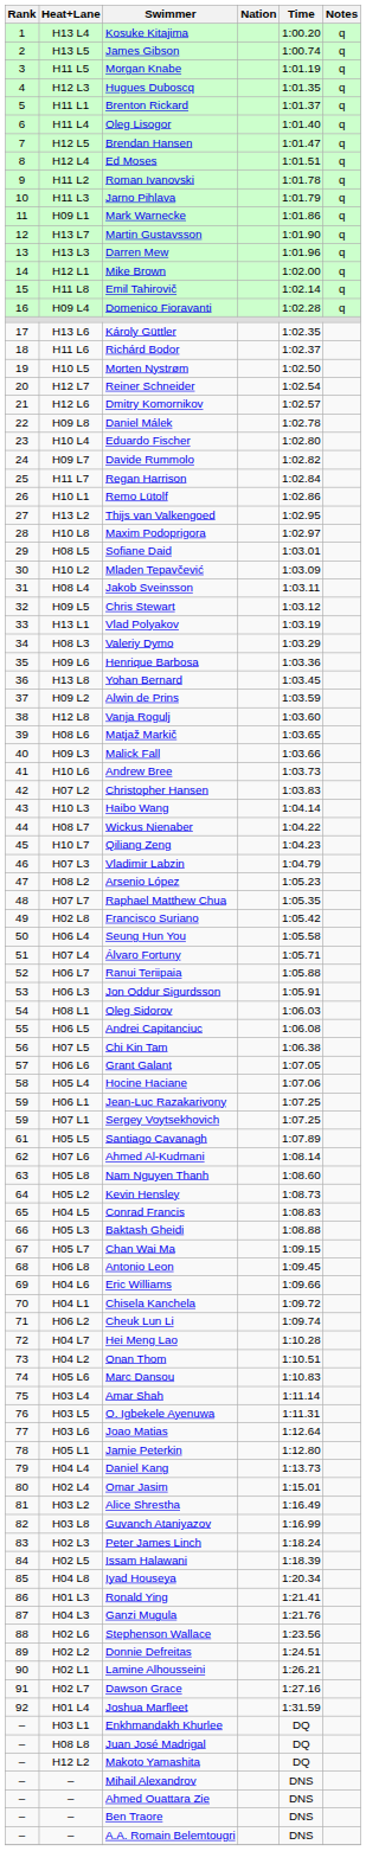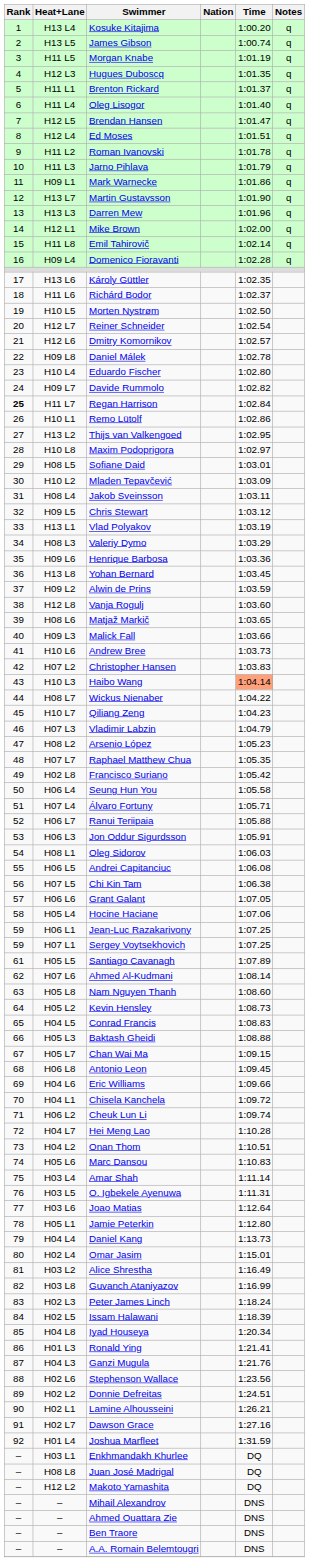 <table class="wikitable sortable" style="text-align:center">
 <tr>
 <th>Rank</th>
 <th>Heat+Lane</th>
 <th>Swimmer</th>
 <th>Nation</th>
 <th>Time</th>
 <th>Notes</th>
 </tr>
 <tr bgcolor=ccffcc>
 <td>1</td>
 <td>H13 L4</td>
 <td align=left><a href='#'>Kosuke Kitajima</a></td>
 <td align=left></td>
 <td>1:00.20</td>
 <td>q</td>
 </tr>
 <tr bgcolor=ccffcc>
 <td>2</td>
 <td>H13 L5</td>
 <td align=left><a href='#'>James Gibson</a></td>
 <td align=left></td>
 <td>1:00.74</td>
 <td>q</td>
 </tr>
 <tr bgcolor=ccffcc>
 <td>3</td>
 <td>H11 L5</td>
 <td align=left><a href='#'>Morgan Knabe</a></td>
 <td align=left></td>
 <td>1:01.19</td>
 <td>q</td>
 </tr>
 <tr bgcolor=ccffcc>
 <td>4</td>
 <td>H12 L3</td>
 <td align=left><a href='#'>Hugues Duboscq</a></td>
 <td align=left></td>
 <td>1:01.35</td>
 <td>q</td>
 </tr>
 <tr bgcolor=ccffcc>
 <td>5</td>
 <td>H11 L1</td>
 <td align=left><a href='#'>Brenton Rickard</a></td>
 <td align=left></td>
 <td>1:01.37</td>
 <td>q</td>
 </tr>
 <tr bgcolor=ccffcc>
 <td>6</td>
 <td>H11 L4</td>
 <td align=left><a href='#'>Oleg Lisogor</a></td>
 <td align=left></td>
 <td>1:01.40</td>
 <td>q</td>
 </tr>
 <tr bgcolor=ccffcc>
 <td>7</td>
 <td>H12 L5</td>
 <td align=left><a href='#'>Brendan Hansen</a></td>
 <td align=left></td>
 <td>1:01.47</td>
 <td>q</td>
 </tr>
 <tr bgcolor=ccffcc>
 <td>8</td>
 <td>H12 L4</td>
 <td align=left><a href='#'>Ed Moses</a></td>
 <td align=left></td>
 <td>1:01.51</td>
 <td>q</td>
 </tr>
 <tr bgcolor=ccffcc>
 <td>9</td>
 <td>H11 L2</td>
 <td align=left><a href='#'>Roman Ivanovski</a></td>
 <td align=left></td>
 <td>1:01.78</td>
 <td>q</td>
 </tr>
 <tr bgcolor=ccffcc>
 <td>10</td>
 <td>H11 L3</td>
 <td align=left><a href='#'>Jarno Pihlava</a></td>
 <td align=left></td>
 <td>1:01.79</td>
 <td>q</td>
 </tr>
 <tr bgcolor=ccffcc>
 <td>11</td>
 <td>H09 L1</td>
 <td align=left><a href='#'>Mark Warnecke</a></td>
 <td align=left></td>
 <td>1:01.86</td>
 <td>q</td>
 </tr>
 <tr bgcolor=ccffcc>
 <td>12</td>
 <td>H13 L7</td>
 <td align=left><a href='#'>Martin Gustavsson</a></td>
 <td align=left></td>
 <td>1:01.90</td>
 <td>q</td>
 </tr>
 <tr bgcolor=ccffcc>
 <td>13</td>
 <td>H13 L3</td>
 <td align=left><a href='#'>Darren Mew</a></td>
 <td align=left></td>
 <td>1:01.96</td>
 <td>q</td>
 </tr>
 <tr bgcolor=ccffcc>
 <td>14</td>
 <td>H12 L1</td>
 <td align=left><a href='#'>Mike Brown</a></td>
 <td align=left></td>
 <td>1:02.00</td>
 <td>q</td>
 </tr>
 <tr bgcolor=ccffcc>
 <td>15</td>
 <td>H11 L8</td>
 <td align=left><a href='#'>Emil Tahirovič</a></td>
 <td align=left></td>
 <td>1:02.14</td>
 <td>q</td>
 </tr>
 <tr bgcolor=ccffcc>
 <td>16</td>
 <td>H09 L4</td>
 <td align=left><a href='#'>Domenico Fioravanti</a></td>
 <td align=left></td>
 <td>1:02.28</td>
 <td>q</td>
 </tr>
 <tr bgcolor=#DDDDDD>
 <td colspan=6></td>
 </tr>
 <tr>
 <td>17</td>
 <td>H13 L6</td>
 <td align=left><a href='#'>Károly Güttler</a></td>
 <td align=left></td>
 <td>1:02.35</td>
 <td></td>
 </tr>
 <tr>
 <td>18</td>
 <td>H11 L6</td>
 <td align=left><a href='#'>Richárd Bodor</a></td>
 <td align=left></td>
 <td>1:02.37</td>
 <td></td>
 </tr>
 <tr>
 <td>19</td>
 <td>H10 L5</td>
 <td align=left><a href='#'>Morten Nystrøm</a></td>
 <td align=left></td>
 <td>1:02.50</td>
 <td></td>
 </tr>
 <tr>
 <td>20</td>
 <td>H12 L7</td>
 <td align=left><a href='#'>Reiner Schneider</a></td>
 <td align=left></td>
 <td>1:02.54</td>
 <td></td>
 </tr>
 <tr>
 <td>21</td>
 <td>H12 L6</td>
 <td align=left><a href='#'>Dmitry Komornikov</a></td>
 <td align=left></td>
 <td>1:02.57</td>
 <td></td>
 </tr>
 <tr>
 <td>22</td>
 <td>H09 L8</td>
 <td align=left><a href='#'>Daniel Málek</a></td>
 <td align=left></td>
 <td>1:02.78</td>
 <td></td>
 </tr>
 <tr>
 <td>23</td>
 <td>H10 L4</td>
 <td align=left><a href='#'>Eduardo Fischer</a></td>
 <td align=left></td>
 <td>1:02.80</td>
 <td></td>
 </tr>
 <tr>
 <td>24</td>
 <td>H09 L7</td>
 <td align=left><a href='#'>Davide Rummolo</a></td>
 <td align=left></td>
 <td>1:02.82</td>
 <td></td>
 </tr>
 <tr>
-<td>25</td>
+<td><strong>25</strong></td>
 <td>H11 L7</td>
 <td align=left><a href='#'>Regan Harrison</a></td>
 <td align=left></td>
 <td>1:02.84</td>
 <td></td>
 </tr>
 <tr>
 <td>26</td>
 <td>H10 L1</td>
 <td align=left><a href='#'>Remo Lütolf</a></td>
 <td align=left></td>
 <td>1:02.86</td>
 <td></td>
 </tr>
 <tr>
 <td>27</td>
 <td>H13 L2</td>
 <td align=left><a href='#'>Thijs van Valkengoed</a></td>
 <td align=left></td>
 <td>1:02.95</td>
 <td></td>
 </tr>
 <tr>
 <td>28</td>
 <td>H10 L8</td>
 <td align=left><a href='#'>Maxim Podoprigora</a></td>
 <td align=left></td>
 <td>1:02.97</td>
 <td></td>
 </tr>
 <tr>
 <td>29</td>
 <td>H08 L5</td>
 <td align=left><a href='#'>Sofiane Daid</a></td>
 <td align=left></td>
 <td>1:03.01</td>
 <td></td>
 </tr>
 <tr>
 <td>30</td>
 <td>H10 L2</td>
 <td align=left><a href='#'>Mladen Tepavčević</a></td>
 <td align=left></td>
 <td>1:03.09</td>
 <td></td>
 </tr>
 <tr>
 <td>31</td>
 <td>H08 L4</td>
 <td align=left><a href='#'>Jakob Sveinsson</a></td>
 <td align=left></td>
 <td>1:03.11</td>
 <td></td>
 </tr>
 <tr>
 <td>32</td>
 <td>H09 L5</td>
 <td align=left><a href='#'>Chris Stewart</a></td>
 <td align=left></td>
 <td>1:03.12</td>
 <td></td>
 </tr>
 <tr>
 <td>33</td>
 <td>H13 L1</td>
 <td align=left><a href='#'>Vlad Polyakov</a></td>
 <td align=left></td>
 <td>1:03.19</td>
 <td></td>
 </tr>
 <tr>
 <td>34</td>
 <td>H08 L3</td>
 <td align=left><a href='#'>Valeriy Dymo</a></td>
 <td align=left></td>
 <td>1:03.29</td>
 <td></td>
 </tr>
 <tr>
 <td>35</td>
 <td>H09 L6</td>
 <td align=left><a href='#'>Henrique Barbosa</a></td>
 <td align=left></td>
 <td>1:03.36</td>
 <td></td>
 </tr>
 <tr>
 <td>36</td>
 <td>H13 L8</td>
 <td align=left><a href='#'>Yohan Bernard</a></td>
 <td align=left></td>
 <td>1:03.45</td>
 <td></td>
 </tr>
 <tr>
 <td>37</td>
 <td>H09 L2</td>
 <td align=left><a href='#'>Alwin de Prins</a></td>
 <td align=left></td>
 <td>1:03.59</td>
 <td></td>
 </tr>
 <tr>
 <td>38</td>
 <td>H12 L8</td>
 <td align=left><a href='#'>Vanja Rogulj</a></td>
 <td align=left></td>
 <td>1:03.60</td>
 <td></td>
 </tr>
 <tr>
 <td>39</td>
 <td>H08 L6</td>
 <td align=left><a href='#'>Matjaž Markič</a></td>
 <td align=left></td>
 <td>1:03.65</td>
 <td></td>
 </tr>
 <tr>
 <td>40</td>
 <td>H09 L3</td>
 <td align=left><a href='#'>Malick Fall</a></td>
 <td align=left></td>
 <td>1:03.66</td>
 <td></td>
 </tr>
 <tr>
 <td>41</td>
 <td>H10 L6</td>
 <td align=left><a href='#'>Andrew Bree</a></td>
 <td align=left></td>
 <td>1:03.73</td>
 <td></td>
 </tr>
 <tr>
 <td>42</td>
 <td>H07 L2</td>
 <td align=left><a href='#'>Christopher Hansen</a></td>
 <td align=left></td>
 <td>1:03.83</td>
 <td></td>
 </tr>
 <tr>
 <td>43</td>
 <td>H10 L3</td>
 <td align=left><a href='#'>Haibo Wang</a></td>
 <td align=left></td>
-<td>1:04.14</td>
+<td style="background: lightsalmon;">1:04.14</td>
 <td></td>
 </tr>
 <tr>
 <td>44</td>
 <td>H08 L7</td>
 <td align=left><a href='#'>Wickus Nienaber</a></td>
 <td align=left></td>
 <td>1:04.22</td>
 <td></td>
 </tr>
 <tr>
 <td>45</td>
 <td>H10 L7</td>
 <td align=left><a href='#'>Qiliang Zeng</a></td>
 <td align=left></td>
 <td>1:04.23</td>
 <td></td>
 </tr>
 <tr>
 <td>46</td>
 <td>H07 L3</td>
 <td align=left><a href='#'>Vladimir Labzin</a></td>
 <td align=left></td>
 <td>1:04.79</td>
 <td></td>
 </tr>
 <tr>
 <td>47</td>
 <td>H08 L2</td>
 <td align=left><a href='#'>Arsenio López</a></td>
 <td align=left></td>
 <td>1:05.23</td>
 <td></td>
 </tr>
 <tr>
 <td>48</td>
 <td>H07 L7</td>
 <td align=left><a href='#'>Raphael Matthew Chua</a></td>
 <td align=left></td>
 <td>1:05.35</td>
 <td></td>
 </tr>
 <tr>
 <td>49</td>
 <td>H02 L8</td>
 <td align=left><a href='#'>Francisco Suriano</a></td>
 <td align=left></td>
 <td>1:05.42</td>
 <td></td>
 </tr>
 <tr>
 <td>50</td>
 <td>H06 L4</td>
 <td align=left><a href='#'>Seung Hun You</a></td>
 <td align=left></td>
 <td>1:05.58</td>
 <td></td>
 </tr>
 <tr>
 <td>51</td>
 <td>H07 L4</td>
 <td align=left><a href='#'>Álvaro Fortuny</a></td>
 <td align=left></td>
 <td>1:05.71</td>
 <td></td>
 </tr>
 <tr>
 <td>52</td>
 <td>H06 L7</td>
 <td align=left><a href='#'>Ranui Teriipaia</a></td>
 <td align=left></td>
 <td>1:05.88</td>
 <td></td>
 </tr>
 <tr>
 <td>53</td>
 <td>H06 L3</td>
 <td align=left><a href='#'>Jon Oddur Sigurdsson</a></td>
 <td align=left></td>
 <td>1:05.91</td>
 <td></td>
 </tr>
 <tr>
 <td>54</td>
 <td>H08 L1</td>
 <td align=left><a href='#'>Oleg Sidorov</a></td>
 <td align=left></td>
 <td>1:06.03</td>
 <td></td>
 </tr>
 <tr>
 <td>55</td>
 <td>H06 L5</td>
 <td align=left><a href='#'>Andrei Capitanciuc</a></td>
 <td align=left></td>
 <td>1:06.08</td>
 <td></td>
 </tr>
 <tr>
 <td>56</td>
 <td>H07 L5</td>
 <td align=left><a href='#'>Chi Kin Tam</a></td>
 <td align=left></td>
 <td>1:06.38</td>
 <td></td>
 </tr>
 <tr>
 <td>57</td>
 <td>H06 L6</td>
 <td align=left><a href='#'>Grant Galant</a></td>
 <td align=left></td>
 <td>1:07.05</td>
 <td></td>
 </tr>
 <tr>
 <td>58</td>
 <td>H05 L4</td>
 <td align=left><a href='#'>Hocine Haciane</a></td>
 <td align=left></td>
 <td>1:07.06</td>
 <td></td>
 </tr>
 <tr>
 <td>59</td>
 <td>H06 L1</td>
 <td align=left><a href='#'>Jean-Luc Razakarivony</a></td>
 <td align=left></td>
 <td>1:07.25</td>
 <td></td>
 </tr>
 <tr>
 <td>59</td>
 <td>H07 L1</td>
 <td align=left><a href='#'>Sergey Voytsekhovich</a></td>
 <td align=left></td>
 <td>1:07.25</td>
 <td></td>
 </tr>
 <tr>
 <td>61</td>
 <td>H05 L5</td>
 <td align=left><a href='#'>Santiago Cavanagh</a></td>
 <td align=left></td>
 <td>1:07.89</td>
 <td></td>
 </tr>
 <tr>
 <td>62</td>
 <td>H07 L6</td>
 <td align=left><a href='#'>Ahmed Al-Kudmani</a></td>
 <td align=left></td>
 <td>1:08.14</td>
 <td></td>
 </tr>
 <tr>
 <td>63</td>
 <td>H05 L8</td>
 <td align=left><a href='#'>Nam Nguyen Thanh</a></td>
 <td align=left></td>
 <td>1:08.60</td>
 <td></td>
 </tr>
 <tr>
 <td>64</td>
 <td>H05 L2</td>
 <td align=left><a href='#'>Kevin Hensley</a></td>
 <td align=left></td>
 <td>1:08.73</td>
 <td></td>
 </tr>
 <tr>
 <td>65</td>
 <td>H04 L5</td>
 <td align=left><a href='#'>Conrad Francis</a></td>
 <td align=left></td>
 <td>1:08.83</td>
 <td></td>
 </tr>
 <tr>
 <td>66</td>
 <td>H05 L3</td>
 <td align=left><a href='#'>Baktash Gheidi</a></td>
 <td align=left></td>
 <td>1:08.88</td>
 <td></td>
 </tr>
 <tr>
 <td>67</td>
 <td>H05 L7</td>
 <td align=left><a href='#'>Chan Wai Ma</a></td>
 <td align=left></td>
 <td>1:09.15</td>
 <td></td>
 </tr>
 <tr>
 <td>68</td>
 <td>H06 L8</td>
 <td align=left><a href='#'>Antonio Leon</a></td>
 <td align=left></td>
 <td>1:09.45</td>
 <td></td>
 </tr>
 <tr>
 <td>69</td>
 <td>H04 L6</td>
 <td align=left><a href='#'>Eric Williams</a></td>
 <td align=left></td>
 <td>1:09.66</td>
 <td></td>
 </tr>
 <tr>
 <td>70</td>
 <td>H04 L1</td>
 <td align=left><a href='#'>Chisela Kanchela</a></td>
 <td align=left></td>
 <td>1:09.72</td>
 <td></td>
 </tr>
 <tr>
 <td>71</td>
 <td>H06 L2</td>
 <td align=left><a href='#'>Cheuk Lun Li</a></td>
 <td align=left></td>
 <td>1:09.74</td>
 <td></td>
 </tr>
 <tr>
 <td>72</td>
 <td>H04 L7</td>
 <td align=left><a href='#'>Hei Meng Lao</a></td>
 <td align=left></td>
 <td>1:10.28</td>
 <td></td>
 </tr>
 <tr>
 <td>73</td>
 <td>H04 L2</td>
 <td align=left><a href='#'>Onan Thom</a></td>
 <td align=left></td>
 <td>1:10.51</td>
 <td></td>
 </tr>
 <tr>
 <td>74</td>
 <td>H05 L6</td>
 <td align=left><a href='#'>Marc Dansou</a></td>
 <td align=left></td>
 <td>1:10.83</td>
 <td></td>
 </tr>
 <tr>
 <td>75</td>
 <td>H03 L4</td>
 <td align=left><a href='#'>Amar Shah</a></td>
 <td align=left></td>
 <td>1:11.14</td>
 <td></td>
 </tr>
 <tr>
 <td>76</td>
 <td>H03 L5</td>
 <td align=left><a href='#'>O. Igbekele Ayenuwa</a></td>
 <td align=left></td>
 <td>1:11.31</td>
 <td></td>
 </tr>
 <tr>
 <td>77</td>
 <td>H03 L6</td>
 <td align=left><a href='#'>Joao Matias</a></td>
 <td align=left></td>
 <td>1:12.64</td>
 <td></td>
 </tr>
 <tr>
 <td>78</td>
 <td>H05 L1</td>
 <td align=left><a href='#'>Jamie Peterkin</a></td>
 <td align=left></td>
 <td>1:12.80</td>
 <td></td>
 </tr>
 <tr>
 <td>79</td>
 <td>H04 L4</td>
 <td align=left><a href='#'>Daniel Kang</a></td>
 <td align=left></td>
 <td>1:13.73</td>
 <td></td>
 </tr>
 <tr>
 <td>80</td>
 <td>H02 L4</td>
 <td align=left><a href='#'>Omar Jasim</a></td>
 <td align=left></td>
 <td>1:15.01</td>
 <td></td>
 </tr>
 <tr>
 <td>81</td>
 <td>H03 L2</td>
 <td align=left><a href='#'>Alice Shrestha</a></td>
 <td align=left></td>
 <td>1:16.49</td>
 <td></td>
 </tr>
 <tr>
 <td>82</td>
 <td>H03 L8</td>
 <td align=left><a href='#'>Guvanch Ataniyazov</a></td>
 <td align=left></td>
 <td>1:16.99</td>
 <td></td>
 </tr>
 <tr>
 <td>83</td>
 <td>H02 L3</td>
 <td align=left><a href='#'>Peter James Linch</a></td>
 <td align=left></td>
 <td>1:18.24</td>
 <td></td>
 </tr>
 <tr>
 <td>84</td>
 <td>H02 L5</td>
 <td align=left><a href='#'>Issam Halawani</a></td>
 <td align=left></td>
 <td>1:18.39</td>
 <td></td>
 </tr>
 <tr>
 <td>85</td>
 <td>H04 L8</td>
 <td align=left><a href='#'>Iyad Houseya</a></td>
 <td align=left></td>
 <td>1:20.34</td>
 <td></td>
 </tr>
 <tr>
 <td>86</td>
 <td>H01 L3</td>
 <td align=left><a href='#'>Ronald Ying</a></td>
 <td align=left></td>
 <td>1:21.41</td>
 <td></td>
 </tr>
 <tr>
 <td>87</td>
 <td>H04 L3</td>
 <td align=left><a href='#'>Ganzi Mugula</a></td>
 <td align=left></td>
 <td>1:21.76</td>
 <td></td>
 </tr>
 <tr>
 <td>88</td>
 <td>H02 L6</td>
 <td align=left><a href='#'>Stephenson Wallace</a></td>
 <td align=left></td>
 <td>1:23.56</td>
 <td></td>
 </tr>
 <tr>
 <td>89</td>
 <td>H02 L2</td>
 <td align=left><a href='#'>Donnie Defreitas</a></td>
 <td align=left></td>
 <td>1:24.51</td>
 <td></td>
 </tr>
 <tr>
 <td>90</td>
 <td>H02 L1</td>
 <td align=left><a href='#'>Lamine Alhousseini</a></td>
 <td align=left></td>
 <td>1:26.21</td>
 <td></td>
 </tr>
 <tr>
 <td>91</td>
 <td>H02 L7</td>
 <td align=left><a href='#'>Dawson Grace</a></td>
 <td align=left></td>
 <td>1:27.16</td>
 <td></td>
 </tr>
 <tr>
 <td>92</td>
 <td>H01 L4</td>
 <td align=left><a href='#'>Joshua Marfleet</a></td>
 <td align=left></td>
 <td>1:31.59</td>
 <td></td>
 </tr>
 <tr>
 <td>–</td>
 <td>H03 L1</td>
 <td align=left><a href='#'>Enkhmandakh Khurlee</a></td>
 <td align=left></td>
 <td>DQ</td>
 <td></td>
 </tr>
 <tr>
 <td>–</td>
 <td>H08 L8</td>
 <td align=left><a href='#'>Juan José Madrigal</a></td>
 <td align=left></td>
 <td>DQ</td>
 <td></td>
 </tr>
 <tr>
 <td>–</td>
 <td>H12 L2</td>
 <td align=left><a href='#'>Makoto Yamashita</a></td>
 <td align=left></td>
 <td>DQ</td>
 <td></td>
 </tr>
 <tr>
 <td>–</td>
 <td>–</td>
 <td align=left><a href='#'>Mihail Alexandrov</a></td>
 <td align=left></td>
 <td>DNS</td>
 <td></td>
 </tr>
 <tr>
 <td>–</td>
 <td>–</td>
 <td align=left><a href='#'>Ahmed Ouattara Zie</a></td>
 <td align=left></td>
 <td>DNS</td>
 <td></td>
 </tr>
 <tr>
 <td>–</td>
 <td>–</td>
 <td align=left><a href='#'>Ben Traore</a></td>
 <td align=left></td>
 <td>DNS</td>
 <td></td>
 </tr>
 <tr>
 <td>–</td>
 <td>–</td>
 <td align=left><a href='#'>A.A. Romain Belemtougri</a></td>
 <td align=left></td>
 <td>DNS</td>
 <td></td>
 </tr>
 <tr>
 </tr>
 </table>
